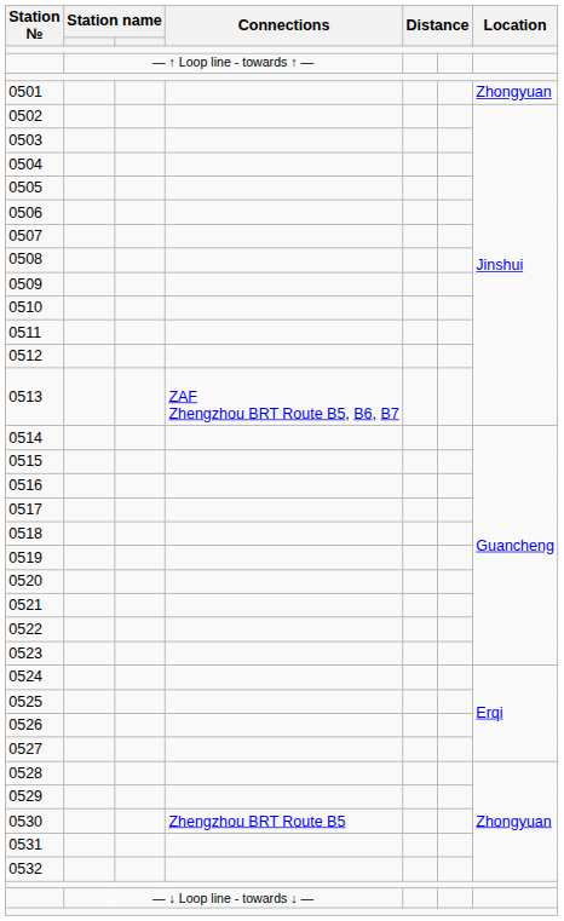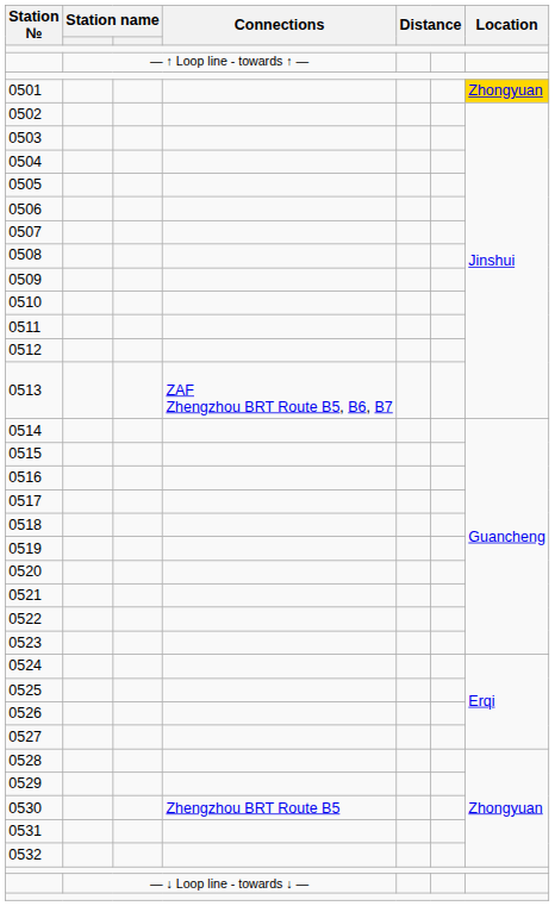 <table class="wikitable">
 <tr>
 <th rowspan="2">Station<br>№</th>
 <th colspan="2">Station name</th>
 <th rowspan="2">Connections</th>
 <th colspan="2" rowspan="2">Distance<br></th>
 <th rowspan="2">Location</th>
 </tr>
 <tr>
 <th></th>
 <th></th>
 </tr>
 <tr style="background:#">
 <td colspan="7"></td>
 </tr>
 <tr>
 <td></td>
 <td colspan="3" style="font-size:85%; text-align:center;">— ↑ Loop line - towards  ↑ —</td>
 <td></td>
 <td></td>
 <td></td>
 </tr>
 <tr style="background:#">
 <td colspan="7"></td>
 </tr>
 <tr>
 <td>0501</td>
 <td></td>
 <td></td>
 <td></td>
 <td></td>
 <td></td>
-<td><a href='#'>Zhongyuan</a></td>
+<td style="background: gold;"><a href='#'>Zhongyuan</a></td>
 </tr>
 <tr>
 <td>0502</td>
 <td></td>
 <td></td>
 <td></td>
 <td></td>
 <td></td>
 <td rowspan="12"><a href='#'>Jinshui</a></td>
 </tr>
 <tr>
 <td>0503</td>
 <td></td>
 <td></td>
 <td></td>
 <td></td>
 <td></td>
 </tr>
 <tr>
 <td>0504</td>
 <td></td>
 <td></td>
 <td></td>
 <td></td>
 <td></td>
 </tr>
 <tr>
 <td>0505</td>
 <td></td>
 <td></td>
 <td></td>
 <td></td>
 <td></td>
 </tr>
 <tr>
 <td>0506</td>
 <td></td>
 <td></td>
 <td></td>
 <td></td>
 <td></td>
 </tr>
 <tr>
 <td>0507</td>
 <td></td>
 <td></td>
 <td></td>
 <td></td>
 <td></td>
 </tr>
 <tr>
 <td>0508</td>
 <td></td>
 <td></td>
 <td></td>
 <td></td>
 <td></td>
 </tr>
 <tr>
 <td>0509</td>
 <td></td>
 <td></td>
 <td></td>
 <td></td>
 <td></td>
 </tr>
 <tr>
 <td>0510</td>
 <td></td>
 <td></td>
 <td></td>
 <td></td>
 <td></td>
 </tr>
 <tr>
 <td>0511</td>
 <td></td>
 <td></td>
 <td></td>
 <td></td>
 <td></td>
 </tr>
 <tr>
 <td>0512</td>
 <td></td>
 <td></td>
 <td></td>
 <td></td>
 <td></td>
 </tr>
 <tr>
 <td>0513</td>
 <td></td>
 <td></td>
 <td> <br><a href='#'>ZAF</a><br> <a href='#'>Zhengzhou BRT Route B5</a>, <a href='#'>B6</a>, <a href='#'>B7</a></td>
 <td></td>
 <td></td>
 </tr>
 <tr>
 <td>0514</td>
 <td></td>
 <td></td>
 <td></td>
 <td></td>
 <td></td>
 <td rowspan="10"><a href='#'>Guancheng</a></td>
 </tr>
 <tr>
 <td>0515</td>
 <td></td>
 <td></td>
 <td></td>
 <td></td>
 <td></td>
 </tr>
 <tr>
 <td>0516</td>
 <td></td>
 <td></td>
 <td></td>
 <td></td>
 <td></td>
 </tr>
 <tr>
 <td>0517</td>
 <td></td>
 <td></td>
 <td></td>
 <td></td>
 <td></td>
 </tr>
 <tr>
 <td>0518</td>
 <td></td>
 <td></td>
 <td></td>
 <td></td>
 <td></td>
 </tr>
 <tr>
 <td>0519</td>
 <td></td>
 <td></td>
 <td></td>
 <td></td>
 <td></td>
 </tr>
 <tr>
 <td>0520</td>
 <td></td>
 <td></td>
 <td></td>
 <td></td>
 <td></td>
 </tr>
 <tr>
 <td>0521</td>
 <td></td>
 <td></td>
 <td></td>
 <td></td>
 <td></td>
 </tr>
 <tr>
 <td>0522</td>
 <td></td>
 <td></td>
 <td></td>
 <td></td>
 <td></td>
 </tr>
 <tr>
 <td>0523</td>
 <td></td>
 <td></td>
 <td></td>
 <td></td>
 <td></td>
 </tr>
 <tr>
 <td>0524</td>
 <td></td>
 <td></td>
 <td></td>
 <td></td>
 <td></td>
 <td rowspan="4"><a href='#'>Erqi</a></td>
 </tr>
 <tr>
 <td>0525</td>
 <td></td>
 <td></td>
 <td></td>
 <td></td>
 <td></td>
 </tr>
 <tr>
 <td>0526</td>
 <td></td>
 <td></td>
 <td></td>
 <td></td>
 <td></td>
 </tr>
 <tr>
 <td>0527</td>
 <td></td>
 <td></td>
 <td></td>
 <td></td>
 <td></td>
 </tr>
 <tr>
 <td>0528</td>
 <td></td>
 <td></td>
 <td></td>
 <td></td>
 <td></td>
 <td rowspan="5"><a href='#'>Zhongyuan</a></td>
 </tr>
 <tr>
 <td>0529</td>
 <td></td>
 <td></td>
 <td></td>
 <td></td>
 <td></td>
 </tr>
 <tr>
 <td>0530</td>
 <td></td>
 <td></td>
 <td> <a href='#'>Zhengzhou BRT Route B5</a></td>
 <td></td>
 <td></td>
 </tr>
 <tr>
 <td>0531</td>
 <td></td>
 <td></td>
 <td></td>
 <td></td>
 <td></td>
 </tr>
 <tr>
 <td>0532</td>
 <td></td>
 <td></td>
 <td></td>
 <td></td>
 <td></td>
 </tr>
 <tr style="background:#">
 <td colspan="7"></td>
 </tr>
 <tr>
 <td></td>
 <td colspan="3" style="font-size:85%; text-align:center;">— ↓ Loop line - towards  ↓ —</td>
 <td></td>
 <td></td>
 <td></td>
 </tr>
 <tr style="background:#">
 <td colspan="7"></td>
 </tr>
 </table>
